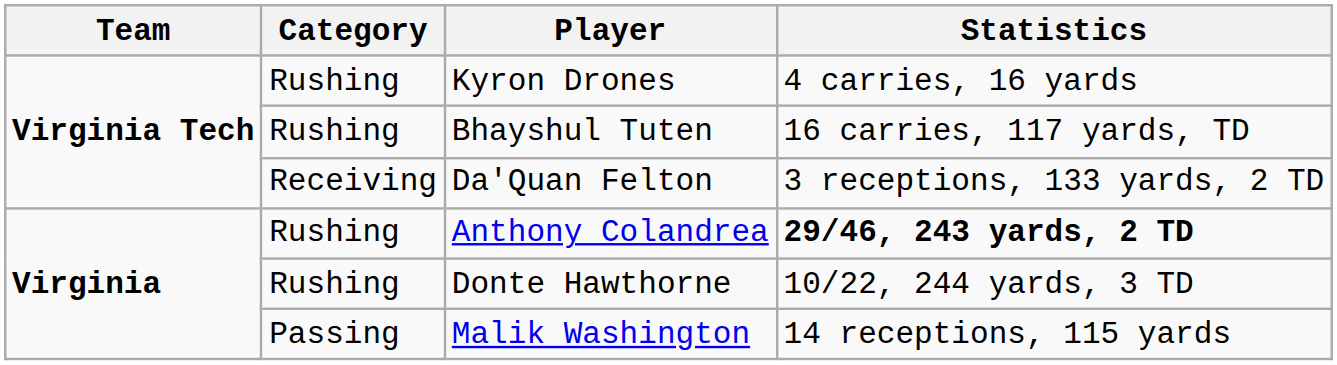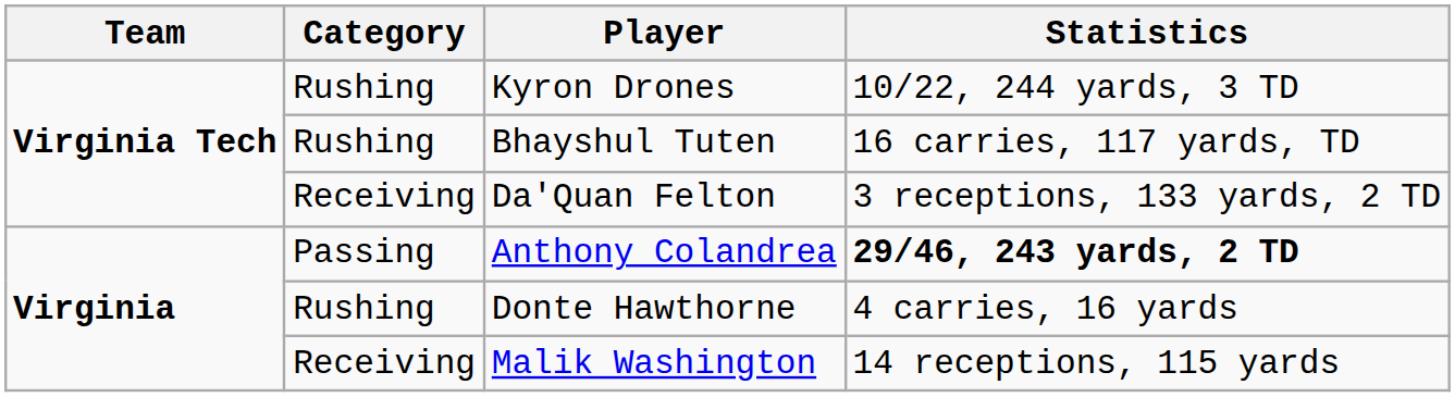 <table class="wikitable" style="float: right;">
 <tr>
 <th>Team</th>
 <th>Category</th>
 <th>Player</th>
 <th>Statistics</th>
 </tr>
 <tr>
 <td rowspan=3><strong>Virginia Tech</strong></td>
 <td>Rushing</td>
 <td>Kyron Drones</td>
-<td>4 carries, 16 yards</td>
+<td>10/22, 244 yards, 3 TD</td>
 </tr>
 <tr>
 <td>Rushing</td>
 <td>Bhayshul Tuten</td>
 <td>16 carries, 117 yards, TD</td>
 </tr>
 <tr>
 <td>Receiving</td>
 <td>Da'Quan Felton</td>
 <td>3 receptions, 133 yards, 2 TD</td>
 </tr>
 <tr>
 <td rowspan=3><strong>Virginia</strong></td>
-<td>Rushing</td>
+<td>Passing</td>
 <td><a href='#'>Anthony Colandrea</a></td>
 <td><strong>29/46, 243 yards, 2 TD</strong></td>
 </tr>
 <tr>
 <td>Rushing</td>
 <td>Donte Hawthorne</td>
-<td>10/22, 244 yards, 3 TD</td>
+<td>4 carries, 16 yards</td>
 </tr>
 <tr>
-<td>Passing</td>
+<td>Receiving</td>
 <td><a href='#'>Malik Washington</a></td>
 <td>14 receptions, 115 yards</td>
 </tr>
 </table>
